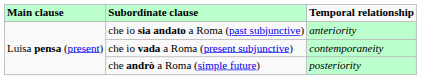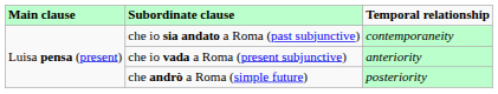 <table class="wikitable">
 <tr>
 <td style="background: #BBFFCC;"><strong>Main clause</strong></td>
 <td style="background: #BBFFCC;"><strong>Subordinate clause</strong></td>
 <td><strong>Temporal relationship</strong></td>
 </tr>
 <tr>
 <td rowspan=3>Luisa <strong>pensa</strong> (<a href='#'>present</a>)</td>
 <td>che io <strong>sia andato</strong> a Roma (<a href='#'>past subjunctive</a>)</td>
-<td style="background: #BBFFCC;"><em>anteriority</em></td>
+<td style="background: #BBFFCC;"><em>contemporaneity</em></td>
 </tr>
 <tr>
 <td>che io <strong>vada</strong> a Roma (<a href='#'>present subjunctive</a>)</td>
-<td style="background: #BBFFCC;"><em>contemporaneity</em></td>
+<td style="background: #BBFFCC;"><em>anteriority</em></td>
 </tr>
 <tr>
 <td>che <strong>andrò</strong> a Roma (<a href='#'>simple future</a>)</td>
 <td style="background: #BBFFCC;"><em>posteriority</em></td>
 </tr>
 </table>
